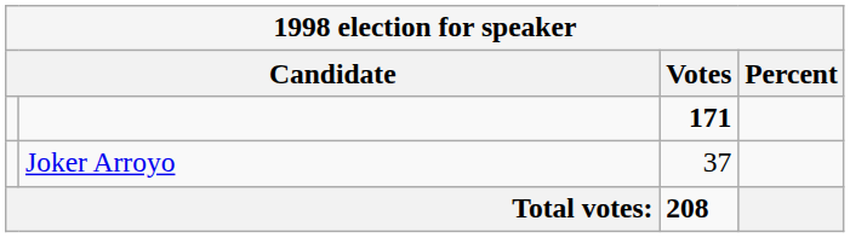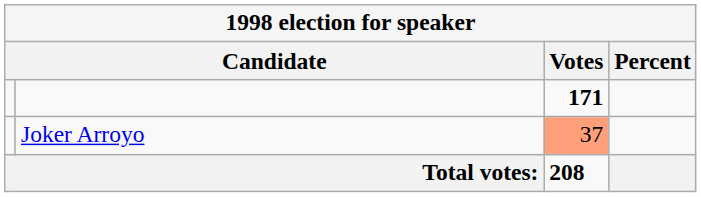 <table class="wikitable">
 <tr>
 <th colspan=4 style="background:#f5f5f5">1998 election for speaker</th>
 </tr>
 <tr>
 <th colspan=2>Candidate</th>
 <th>Votes</th>
 <th>Percent</th>
 </tr>
 <tr>
 <td style="background-color: "></td>
 <td style="width: 22em;"></td>
 <td style="text-align:right"><strong>171</strong></td>
 <td style="text-align:right"><strong></strong></td>
 </tr>
 <tr>
 <td style="background-color: "></td>
 <td {{nowrap><a href='#'>Joker Arroyo</a> </td>
-<td style="text-align:right">37</td>
+<td style="background: lightsalmon; text-align:right">37</td>
 <td style="text-align:right"></td>
 </tr>
 <tr>
 <th colspan=2 style="text-align:right">Total votes:</th>
 <td><strong>208</strong></td>
 <th></th>
 </tr>
 </table>
